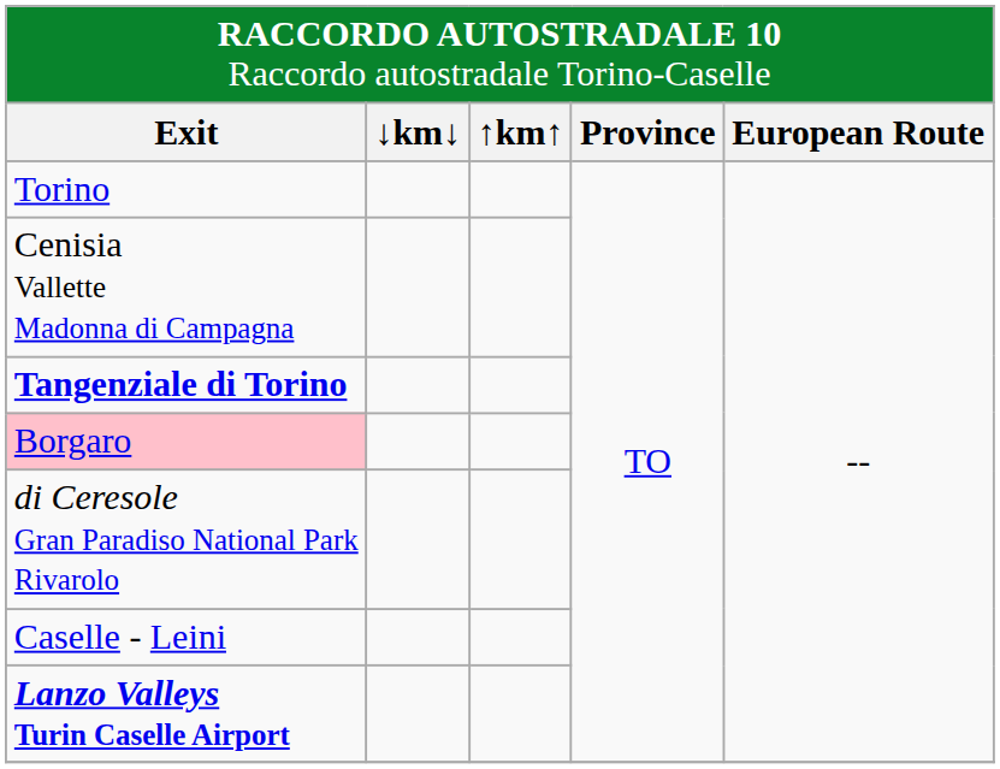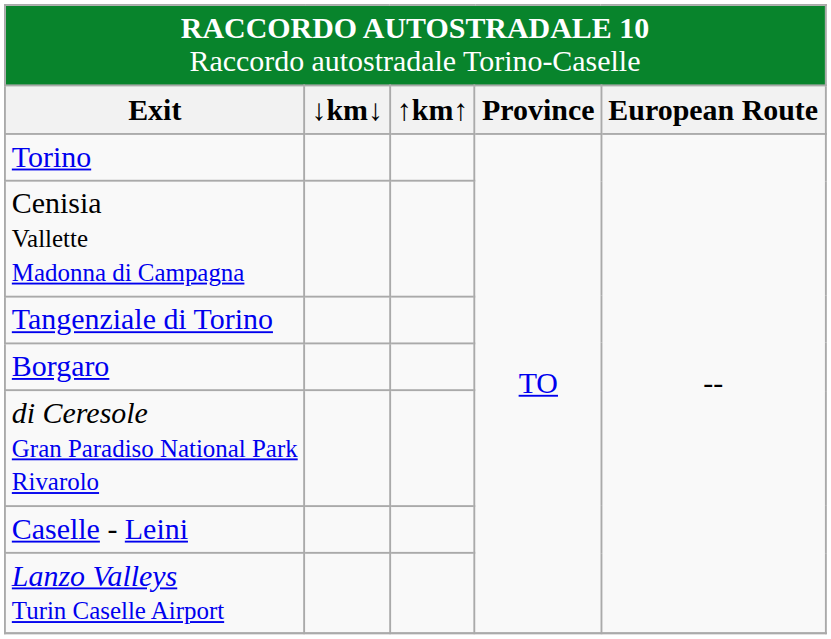 <table class="wikitable" border="1">
 <tr align="center" bgcolor="08842C" style="color: white;font-size:100%;">
 <td colspan="6"><strong> RACCORDO AUTOSTRADALE 10</strong><br>Raccordo autostradale Torino-Caselle</td>
 </tr>
 <tr>
 <th style="text-align:center;"><strong>Exit</strong></th>
 <th style="text-align:center;"><strong>↓km↓</strong></th>
 <th style="text-align:center;"><strong>↑km↑</strong></th>
 <th align="center"><strong>Province</strong></th>
 <th align="center"><strong>European Route</strong></th>
 </tr>
 <tr>
 <td>   <a href='#'>Torino</a></td>
 <td align="right"></td>
 <td align="right"></td>
 <td align="center" rowspan="7"><a href='#'>TO</a></td>
 <td align="center" rowspan="7">--</td>
 </tr>
 <tr>
 <td> Cenisia<br><small>Vallette<br><a href='#'>Madonna di Campagna</a></small></td>
 <td align="right"></td>
 <td align="right"></td>
 </tr>
 <tr>
-<td><strong>  <a href='#'>Tangenziale di Torino</a></strong></td>
+<td>  <a href='#'>Tangenziale di Torino</a></td>
 <td align="right"></td>
 <td align="right"></td>
 </tr>
 <tr>
-<td style="background: pink;"> <a href='#'>Borgaro</a></td>
+<td> <a href='#'>Borgaro</a></td>
 <td align="right"></td>
 <td align="right"></td>
 </tr>
 <tr>
 <td>  <em>di Ceresole</em><br><small> <a href='#'>Gran Paradiso National Park</a><br><a href='#'>Rivarolo</a></small></td>
 <td align="right"></td>
 <td align="right"></td>
 </tr>
 <tr>
 <td> <a href='#'>Caselle</a> - <a href='#'>Leini</a></td>
 <td align="right"></td>
 <td align="right"></td>
 </tr>
 <tr>
-<td><strong>   <em><a href='#'>Lanzo Valleys</a></em><br><small> <a href='#'>Turin Caselle Airport</a></small></strong></td>
+<td>   <em><a href='#'>Lanzo Valleys</a></em><br><small> <a href='#'>Turin Caselle Airport</a></small></td>
 <td align="right"></td>
 <td align="right"></td>
 </tr>
 <tr>
 </tr>
 </table>
